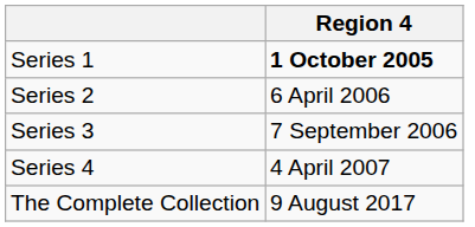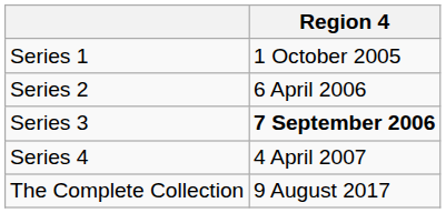 <table class="wikitable">
 <tr>
 <th></th>
 <th>Region 4</th>
 </tr>
 <tr>
 <td>Series 1</td>
-<td><strong>1 October 2005</strong></td>
+<td>1 October 2005</td>
 </tr>
 <tr>
 <td>Series 2</td>
 <td>6 April 2006</td>
 </tr>
 <tr>
 <td>Series 3</td>
-<td>7 September 2006</td>
+<td><strong>7 September 2006</strong></td>
 </tr>
 <tr>
 <td>Series 4</td>
 <td>4 April 2007</td>
 </tr>
 <tr>
 <td>The Complete Collection</td>
 <td>9 August 2017</td>
 </tr>
 </table>
